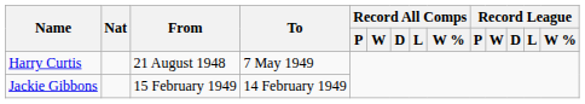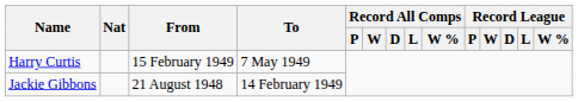 <table style="text-align: center" class="wikitable">
 <tr>
 <th rowspan="2">Name</th>
 <th rowspan="2">Nat</th>
 <th rowspan="2">From</th>
 <th rowspan="2">To</th>
 <th colspan="5">Record All Comps</th>
 <th colspan="5">Record League</th>
 </tr>
 <tr>
 <th>P</th>
 <th>W</th>
 <th>D</th>
 <th>L</th>
 <th>W %</th>
 <th>P</th>
 <th>W</th>
 <th>D</th>
 <th>L</th>
 <th>W %</th>
 </tr>
 <tr>
 <td style="text-align:left;"><a href='#'>Harry Curtis</a></td>
 <td></td>
-<td style="text-align:left;">21 August 1948</td>
+<td style="text-align:left;">15 February 1949</td>
 <td style="text-align:left;">7 May 1949<br> </td>
 </tr>
 <tr>
 <td style="text-align:left;"><a href='#'>Jackie Gibbons</a></td>
 <td></td>
-<td style="text-align:left;">15 February 1949</td>
+<td style="text-align:left;">21 August 1948</td>
 <td style="text-align:left;">14 February 1949<br> </td>
 </tr>
 </table>
